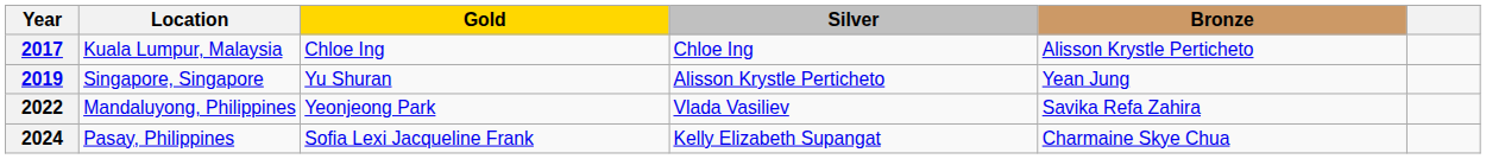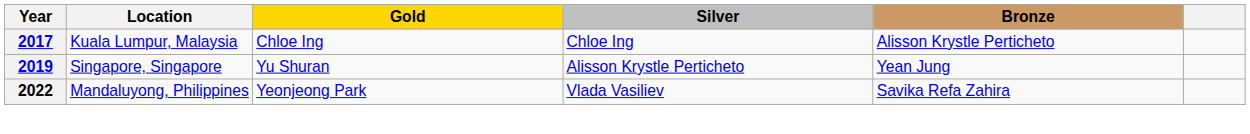 <table class="wikitable unsortable" style="text-align:left; width:80%;">
 <tr>
 <th scope="col" style="text-align:center; width:5%;">Year</th>
 <th scope="col" style="text-align:center; width:15%;">Location</th>
 <td scope="col" style="text-align:center; width:25%; background:gold"><strong>Gold</strong></td>
 <td scope="col" style="text-align:center; width:25%; background:silver"><strong>Silver</strong></td>
 <td scope="col" style="text-align:center; width:25%; background:#c96"><strong>Bronze</strong></td>
 <th scope="col" style="text-align:center; width:5%;"></th>
 </tr>
 <tr>
 <th scope="row"><a href='#'>2017</a></th>
 <td><a href='#'>Kuala Lumpur, Malaysia</a></td>
 <td> <a href='#'>Chloe Ing</a></td>
 <td> <a href='#'>Chloe Ing</a></td>
 <td> <a href='#'>Alisson Krystle Perticheto</a></td>
 <td></td>
 </tr>
 <tr>
 <th scope="row"><a href='#'>2019</a></th>
 <td><a href='#'>Singapore, Singapore</a></td>
 <td> <a href='#'>Yu Shuran</a></td>
 <td> <a href='#'>Alisson Krystle Perticheto</a></td>
 <td> <a href='#'>Yean Jung</a></td>
 <td></td>
 </tr>
 <tr>
 <th scope="row">2022</th>
 <td><a href='#'>Mandaluyong, Philippines</a></td>
 <td> <a href='#'>Yeonjeong Park</a></td>
 <td> <a href='#'>Vlada Vasiliev</a></td>
 <td> <a href='#'>Savika Refa Zahira</a></td>
 <td></td>
 </tr>
-<tr>
-<th scope="row">2024</th>
-<td><a href='#'>Pasay, Philippines</a></td>
-<td> <a href='#'>Sofia Lexi Jacqueline Frank</a></td>
-<td> <a href='#'>Kelly Elizabeth Supangat</a></td>
-<td> <a href='#'>Charmaine Skye Chua</a></td>
-<td></td>
-</tr>
 </table>
